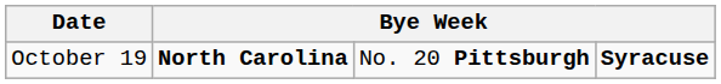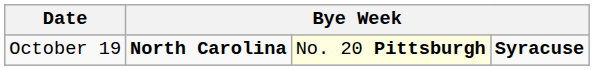 <table class="wikitable" style="font-size:95%;">
 <tr>
 <th>Date</th>
 <th colspan="3">Bye Week</th>
 </tr>
 <tr>
 <td>October 19</td>
 <td><strong>North Carolina</strong></td>
-<td>No. 20 <strong>Pittsburgh</strong></td>
+<td style="background: lightyellow;">No. 20 <strong>Pittsburgh</strong></td>
 <td><strong>Syracuse</strong></td>
 </tr>
 </table>
